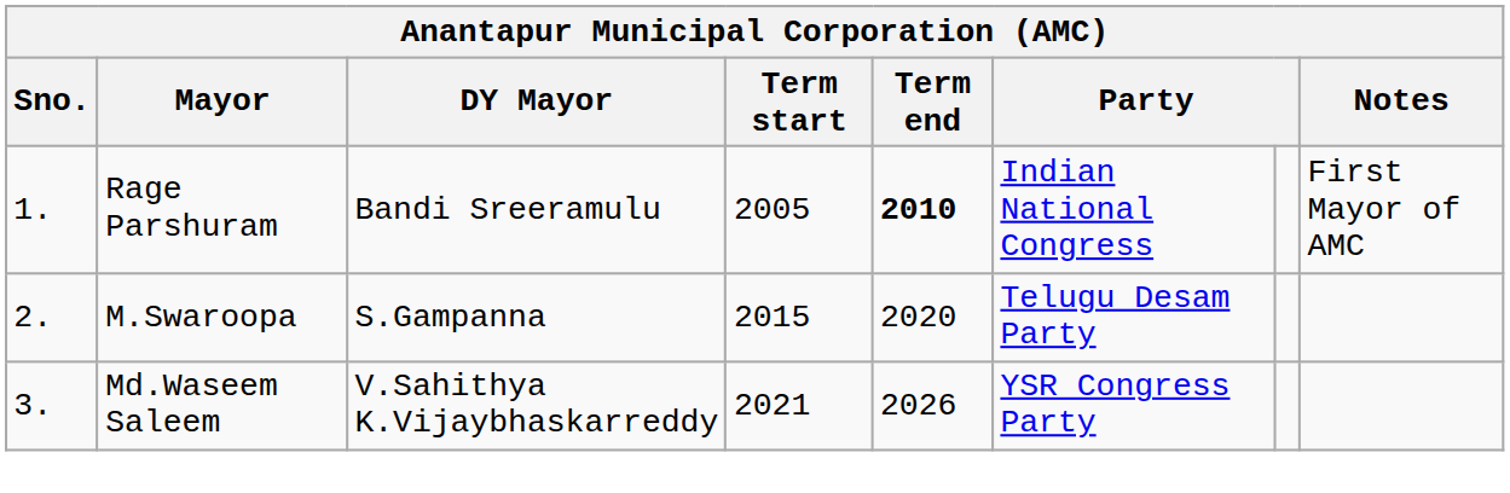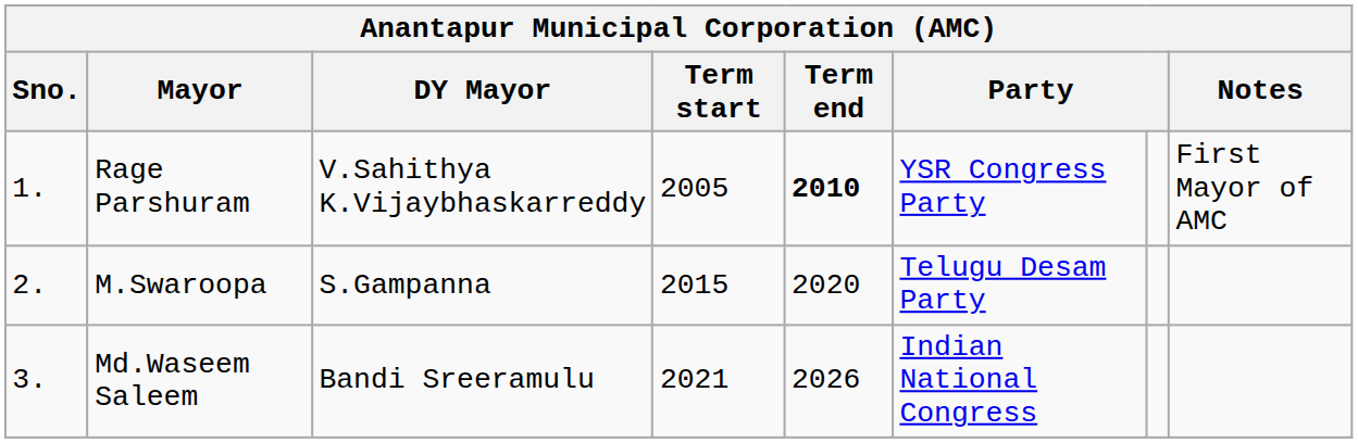 <table class="wikitable sortable">
 <tr>
 <th colspan="8">Anantapur Municipal Corporation (AMC)</th>
 </tr>
 <tr>
 <th>Sno.</th>
 <th>Mayor</th>
 <th>DY Mayor</th>
 <th>Term start</th>
 <th>Term end</th>
 <th colspan=2>Party</th>
 <th>Notes</th>
 </tr>
 <tr>
 <td>1.</td>
 <td>Rage Parshuram</td>
-<td>Bandi Sreeramulu</td>
+<td>V.Sahithya<br>K.Vijaybhaskarreddy</td>
 <td>2005</td>
 <td><strong>2010</strong></td>
-<td rowspan="1"><a href='#'>Indian National Congress</a></td>
+<td rowspan="1"><a href='#'>YSR Congress Party</a></td>
 <td rowspan="1" width="4px" style="background-color: "></td>
 <td>First Mayor of AMC</td>
 </tr>
 <tr>
 <td>2.</td>
 <td>M.Swaroopa</td>
 <td>S.Gampanna</td>
 <td>2015</td>
 <td>2020</td>
 <td rowspan="1"><a href='#'>Telugu Desam Party</a></td>
 <td rowspan="1" width="4px" style="background-color: "></td>
 <td></td>
 </tr>
 <tr>
 <td>3.</td>
 <td>Md.Waseem Saleem</td>
-<td>V.Sahithya<br>K.Vijaybhaskarreddy</td>
+<td>Bandi Sreeramulu</td>
 <td>2021</td>
 <td>2026</td>
-<td rowspan="1"><a href='#'>YSR Congress Party</a></td>
+<td rowspan="1"><a href='#'>Indian National Congress</a></td>
 <td rowspan="1" width="4px" style="background-color: "></td>
 <td></td>
 </tr>
 </table>
